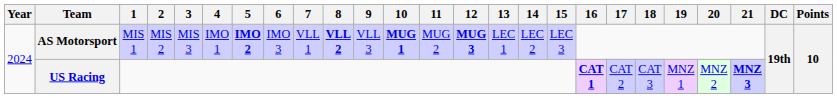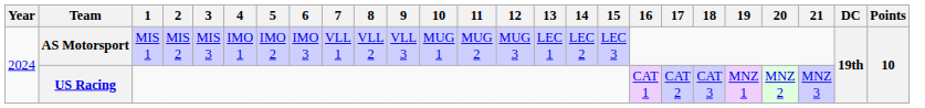 <table class="wikitable" style="text-align:center; font-size:85%">
 <tr>
 <th>Year</th>
 <th>Team</th>
 <th>1</th>
 <th>2</th>
 <th>3</th>
 <th>4</th>
 <th>5</th>
 <th>6</th>
 <th>7</th>
 <th>8</th>
 <th>9</th>
 <th>10</th>
 <th>11</th>
 <th>12</th>
 <th>13</th>
 <th>14</th>
 <th>15</th>
 <th>16</th>
 <th>17</th>
 <th>18</th>
 <th>19</th>
 <th>20</th>
 <th>21</th>
 <th>DC</th>
 <th>Points</th>
 </tr>
 <tr>
 <td rowspan="2"><a href='#'>2024</a></td>
 <th nowrap>AS Motorsport</th>
 <td style="background:#CFCFFF;"><a href='#'>MIS<br>1</a><br></td>
 <td style="background:#CFCFFF;"><a href='#'>MIS<br>2</a><br></td>
 <td style="background:#CFCFFF;"><a href='#'>MIS<br>3</a><br></td>
 <td style="background:#CFCFFF;"><a href='#'>IMO<br>1</a><br></td>
-<td style="background:#CFCFFF;"><strong><a href='#'>IMO<br>2</a><br></strong></td>
+<td style="background:#CFCFFF;"><a href='#'>IMO<br>2</a><br></td>
 <td style="background:#CFCFFF;"><a href='#'>IMO<br>3</a><br></td>
 <td style="background:#CFCFFF;"><a href='#'>VLL<br>1</a><br></td>
-<td style="background:#CFCFFF;"><strong><a href='#'>VLL<br>2</a><br></strong></td>
+<td style="background:#CFCFFF;"><a href='#'>VLL<br>2</a><br></td>
 <td style="background:#CFCFFF;"><a href='#'>VLL<br>3</a><br></td>
-<td style="background:#CFCFFF;"><strong><a href='#'>MUG<br>1</a><br></strong></td>
+<td style="background:#CFCFFF;"><a href='#'>MUG<br>1</a><br></td>
 <td style="background:#CFCFFF;"><a href='#'>MUG<br>2</a><br></td>
-<td style="background:#CFCFFF;"><strong><a href='#'>MUG<br>3</a><br></strong></td>
+<td style="background:#CFCFFF;"><a href='#'>MUG<br>3</a><br></td>
 <td style="background:#CFCFFF;"><a href='#'>LEC<br>1</a><br></td>
 <td style="background:#CFCFFF;"><a href='#'>LEC<br>2</a><br></td>
 <td style="background:#CFCFFF;"><a href='#'>LEC<br>3</a><br></td>
 <td colspan=6></td>
 <th rowspan="2">19th</th>
 <th rowspan="2">10</th>
 </tr>
 <tr>
 <th nowrap><a href='#'>US Racing</a></th>
 <td colspan=15></td>
-<td style="background:#EFCFFF;"><strong><a href='#'>CAT<br>1</a><br></strong></td>
+<td style="background:#EFCFFF;"><a href='#'>CAT<br>1</a><br></td>
 <td style="background:#CFCFFF;"><a href='#'>CAT<br>2</a><br></td>
 <td style="background:#CFCFFF;"><a href='#'>CAT<br>3</a><br></td>
 <td style="background:#EFCFFF;"><a href='#'>MNZ<br>1</a><br></td>
 <td style="background:#dfffdf;"><a href='#'>MNZ<br>2</a><br></td>
-<td style="background:#CFCFFF;"><strong><a href='#'>MNZ<br>3</a><br></strong></td>
+<td style="background:#CFCFFF;"><a href='#'>MNZ<br>3</a><br></td>
 </tr>
 </table>
